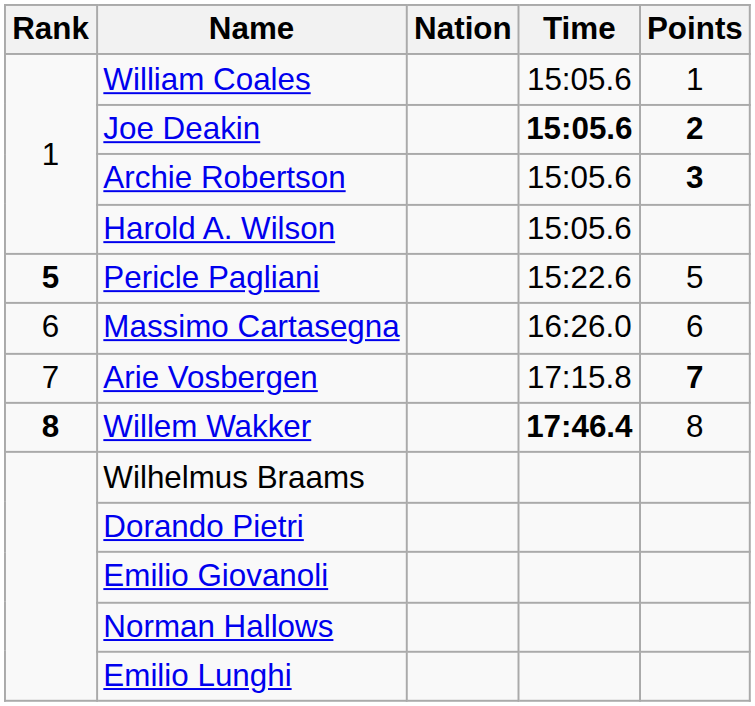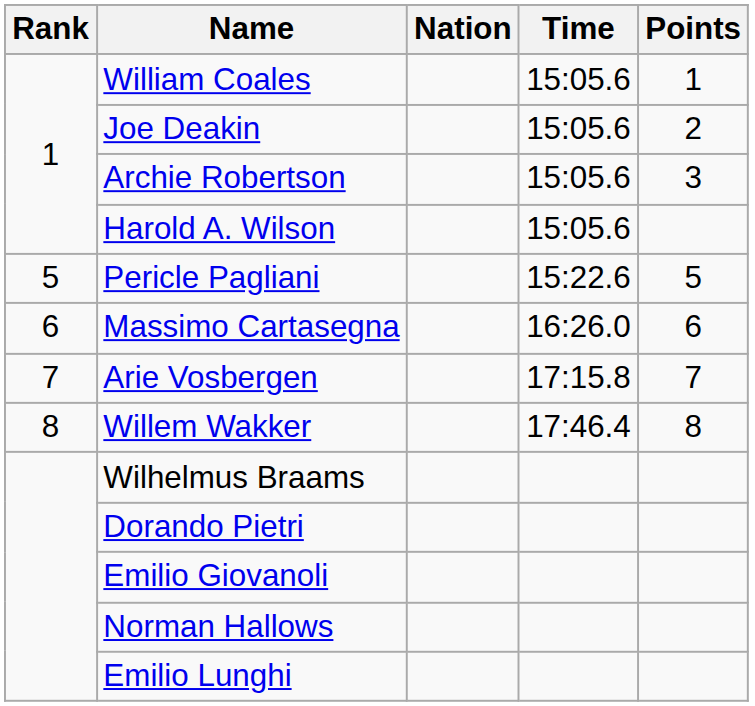 <table class="wikitable sortable" style=text-align:center>
 <tr>
 <th>Rank</th>
 <th>Name</th>
 <th>Nation</th>
 <th>Time</th>
 <th>Points</th>
 </tr>
 <tr>
 <td rowspan=4>1</td>
 <td align=left><a href='#'>William Coales</a></td>
 <td align=left></td>
 <td>15:05.6</td>
 <td>1</td>
 </tr>
 <tr>
 <td align=left><a href='#'>Joe Deakin</a></td>
 <td align=left></td>
-<td><strong>15:05.6</strong></td>
-<td><strong>2</strong></td>
+<td>15:05.6</td>
+<td>2</td>
 </tr>
 <tr>
 <td align=left><a href='#'>Archie Robertson</a></td>
 <td align=left></td>
 <td>15:05.6</td>
-<td><strong>3</strong></td>
+<td>3</td>
 </tr>
 <tr>
 <td align=left><a href='#'>Harold A. Wilson</a></td>
 <td align=left></td>
 <td>15:05.6</td>
 <td></td>
 </tr>
 <tr>
-<td><strong>5</strong></td>
+<td>5</td>
 <td align=left><a href='#'>Pericle Pagliani</a></td>
 <td align=left></td>
 <td>15:22.6</td>
 <td>5</td>
 </tr>
 <tr>
 <td>6</td>
 <td align=left><a href='#'>Massimo Cartasegna</a></td>
 <td align=left></td>
 <td>16:26.0</td>
 <td>6</td>
 </tr>
 <tr>
 <td>7</td>
 <td align=left><a href='#'>Arie Vosbergen</a></td>
 <td align=left></td>
 <td>17:15.8</td>
-<td><strong>7</strong></td>
+<td>7</td>
 </tr>
 <tr>
-<td><strong>8</strong></td>
+<td>8</td>
 <td align=left><a href='#'>Willem Wakker</a></td>
 <td align=left></td>
-<td><strong>17:46.4</strong></td>
+<td>17:46.4</td>
 <td>8</td>
 </tr>
 <tr>
 <td rowspan=5></td>
 <td align=left>Wilhelmus Braams</td>
 <td align=left></td>
 <td></td>
 <td></td>
 </tr>
 <tr>
 <td align=left><a href='#'>Dorando Pietri</a></td>
 <td align=left></td>
 <td></td>
 <td></td>
 </tr>
 <tr>
 <td align=left><a href='#'>Emilio Giovanoli</a></td>
 <td align=left></td>
 <td></td>
 <td></td>
 </tr>
 <tr>
 <td align=left><a href='#'>Norman Hallows</a></td>
 <td align=left></td>
 <td></td>
 <td></td>
 </tr>
 <tr>
 <td align=left><a href='#'>Emilio Lunghi</a></td>
 <td align=left></td>
 <td></td>
 <td></td>
 </tr>
 </table>
